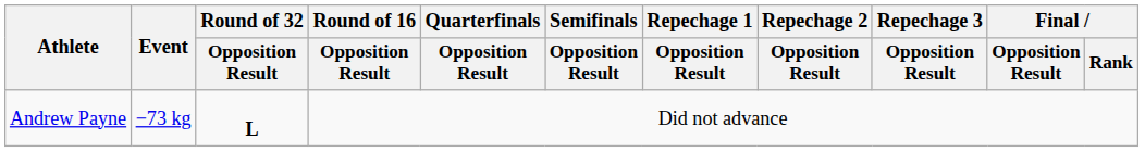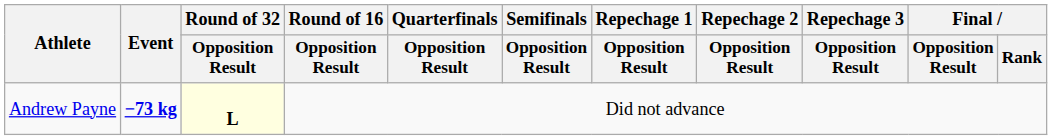 <table class="wikitable" style="font-size:90%">
 <tr>
 <th rowspan="2">Athlete</th>
 <th rowspan="2">Event</th>
 <th>Round of 32</th>
 <th>Round of 16</th>
 <th>Quarterfinals</th>
 <th>Semifinals</th>
 <th>Repechage 1</th>
 <th>Repechage 2</th>
 <th>Repechage 3</th>
 <th colspan=2>Final / </th>
 </tr>
 <tr style="font-size:95%">
 <th>Opposition<br>Result</th>
 <th>Opposition<br>Result</th>
 <th>Opposition<br>Result</th>
 <th>Opposition<br>Result</th>
 <th>Opposition<br>Result</th>
 <th>Opposition<br>Result</th>
 <th>Opposition<br>Result</th>
 <th>Opposition<br>Result</th>
 <th>Rank</th>
 </tr>
 <tr align=center>
 <td align=left><a href='#'>Andrew Payne</a></td>
-<td align=left><a href='#'>−73 kg</a></td>
-<td><br><strong>L</strong></td>
+<td align=left><strong><a href='#'>−73 kg</a></strong></td>
+<td style="background: lightyellow;"><br><strong>L</strong></td>
 <td colspan=9>Did not advance</td>
 </tr>
 </table>
